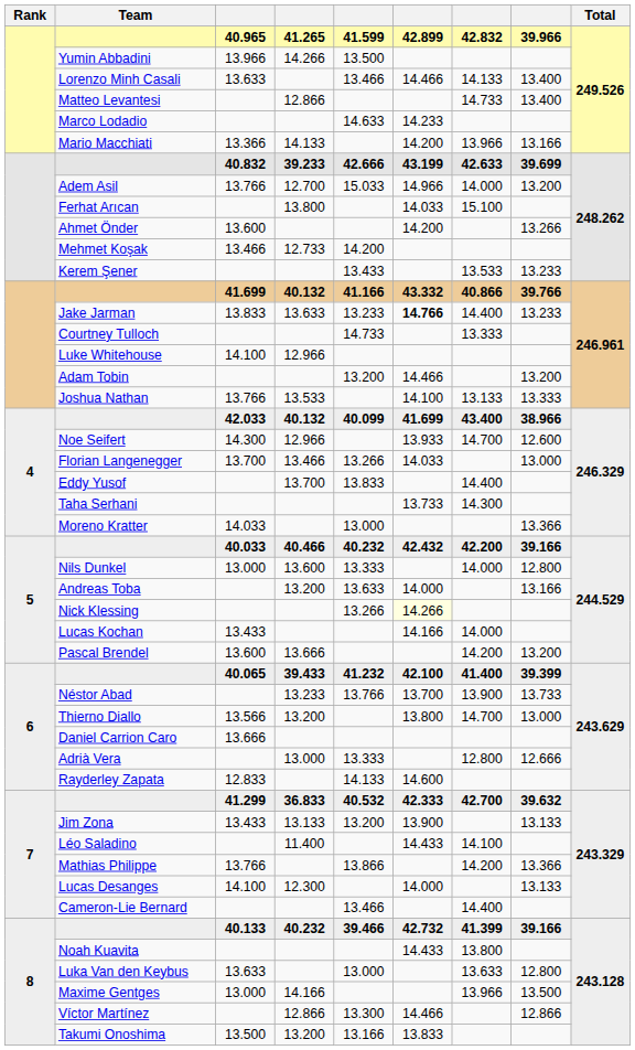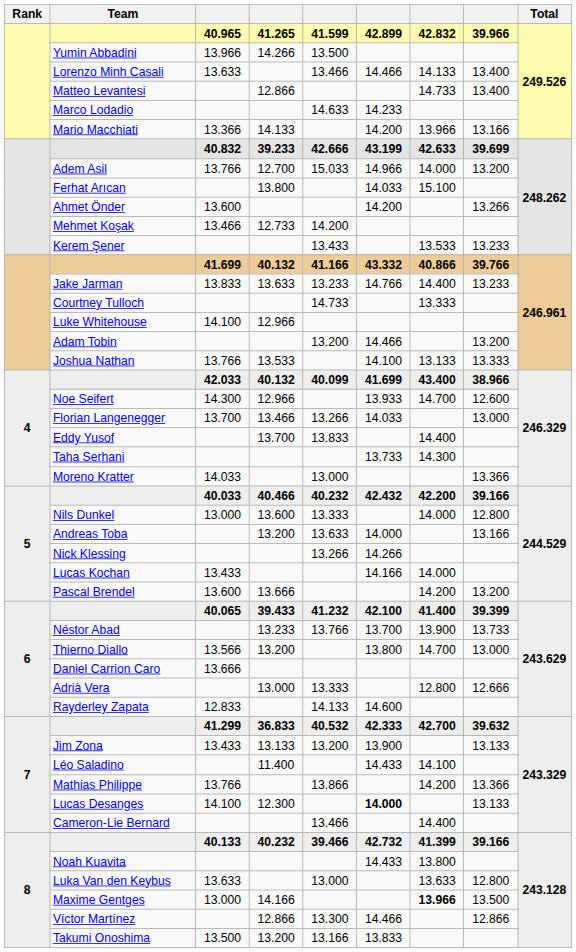 <table class="wikitable sortable" style="text-align:center; font-size:95%">
 <tr>
 <th scope="col" style="width:50px;">Rank</th>
 <th scope="col" style="width:175px;">Team</th>
 <th scope="col" style="width:60px;"></th>
 <th scope="col" style="width:60px;"></th>
 <th scope="col" style="width:60px;"></th>
 <th scope="col" style="width:60px;"></th>
 <th scope="col" style="width:60px;"></th>
 <th scope="col" style="width:60px;"></th>
 <th scope="col" style="width:60px;">Total</th>
 </tr>
 <tr style="background:#fffcaf;">
 <td rowspan="6"><strong></strong></td>
 <td style="text-align:left;"><strong></strong></td>
 <td><strong>40.965</strong></td>
 <td><strong>41.265</strong></td>
 <td><strong>41.599</strong></td>
 <td><strong>42.899</strong></td>
 <td><strong>42.832</strong></td>
 <td><strong>39.966</strong></td>
 <td rowspan="6"><strong>249.526</strong></td>
 </tr>
 <tr>
 <td style="text-align:left;"><a href='#'>Yumin Abbadini</a></td>
 <td>13.966</td>
 <td>14.266</td>
 <td>13.500</td>
 <td></td>
 <td></td>
 <td></td>
 </tr>
 <tr>
 <td style="text-align:left;"><a href='#'>Lorenzo Minh Casali</a></td>
 <td>13.633</td>
 <td></td>
 <td>13.466</td>
 <td>14.466</td>
 <td>14.133</td>
 <td>13.400</td>
 </tr>
 <tr>
 <td style="text-align:left;"><a href='#'>Matteo Levantesi</a></td>
 <td></td>
 <td>12.866</td>
 <td></td>
 <td></td>
 <td>14.733</td>
 <td>13.400</td>
 </tr>
 <tr>
 <td style="text-align:left;"><a href='#'>Marco Lodadio</a></td>
 <td></td>
 <td></td>
 <td>14.633</td>
 <td>14.233</td>
 <td></td>
 <td></td>
 </tr>
 <tr>
 <td style="text-align:left;"><a href='#'>Mario Macchiati</a></td>
 <td>13.366</td>
 <td>14.133</td>
 <td></td>
 <td>14.200</td>
 <td>13.966</td>
 <td>13.166</td>
 </tr>
 <tr style="background:#e5e5e5;">
 <td rowspan="6"><strong></strong></td>
 <td style="text-align:left;"><strong></strong></td>
 <td><strong>40.832</strong></td>
 <td><strong>39.233</strong></td>
 <td><strong>42.666</strong></td>
 <td><strong>43.199</strong></td>
 <td><strong>42.633</strong></td>
 <td><strong>39.699</strong></td>
 <td rowspan="6"><strong>248.262</strong></td>
 </tr>
 <tr>
 <td style="text-align:left;"><a href='#'>Adem Asil</a></td>
 <td>13.766</td>
 <td>12.700</td>
 <td>15.033</td>
 <td>14.966</td>
 <td>14.000</td>
 <td>13.200</td>
 </tr>
 <tr>
 <td style="text-align:left;"><a href='#'>Ferhat Arıcan</a></td>
 <td></td>
 <td>13.800</td>
 <td></td>
 <td>14.033</td>
 <td>15.100</td>
 <td></td>
 </tr>
 <tr>
 <td style="text-align:left;"><a href='#'>Ahmet Önder</a></td>
 <td>13.600</td>
 <td></td>
 <td></td>
 <td>14.200</td>
 <td></td>
 <td>13.266</td>
 </tr>
 <tr>
 <td style="text-align:left;"><a href='#'>Mehmet Koşak</a></td>
 <td>13.466</td>
 <td>12.733</td>
 <td>14.200</td>
 <td></td>
 <td></td>
 <td></td>
 </tr>
 <tr>
 <td style="text-align:left;"><a href='#'>Kerem Şener</a></td>
 <td></td>
 <td></td>
 <td>13.433</td>
 <td></td>
 <td>13.533</td>
 <td>13.233</td>
 </tr>
 <tr style="background:#ec9;">
 <td rowspan="6"><strong></strong></td>
 <td style="text-align:left;"><strong></strong></td>
 <td><strong>41.699</strong></td>
 <td><strong>40.132</strong></td>
 <td><strong>41.166</strong></td>
 <td><strong>43.332</strong></td>
 <td><strong>40.866</strong></td>
 <td><strong>39.766</strong></td>
 <td rowspan="6"><strong>246.961</strong></td>
 </tr>
 <tr>
 <td style="text-align:left;"><a href='#'>Jake Jarman</a></td>
 <td>13.833</td>
 <td>13.633</td>
 <td>13.233</td>
-<td><strong>14.766</strong></td>
+<td>14.766</td>
 <td>14.400</td>
 <td>13.233</td>
 </tr>
 <tr>
 <td style="text-align:left;"><a href='#'>Courtney Tulloch</a></td>
 <td></td>
 <td></td>
 <td>14.733</td>
 <td></td>
 <td>13.333</td>
 <td></td>
 </tr>
 <tr>
 <td style="text-align:left;"><a href='#'>Luke Whitehouse</a></td>
 <td>14.100</td>
 <td>12.966</td>
 <td></td>
 <td></td>
 <td></td>
 <td></td>
 </tr>
 <tr>
 <td style="text-align:left;"><a href='#'>Adam Tobin</a></td>
 <td></td>
 <td></td>
 <td>13.200</td>
 <td>14.466</td>
 <td></td>
 <td>13.200</td>
 </tr>
 <tr>
 <td style="text-align:left;"><a href='#'>Joshua Nathan</a></td>
 <td>13.766</td>
 <td>13.533</td>
 <td></td>
 <td>14.100</td>
 <td>13.133</td>
 <td>13.333</td>
 </tr>
 <tr style="background:#eee;">
 <td rowspan="6"><strong>4</strong></td>
 <td style="text-align:left;"><strong></strong></td>
 <td><strong>42.033</strong></td>
 <td><strong>40.132</strong></td>
 <td><strong>40.099</strong></td>
 <td><strong>41.699</strong></td>
 <td><strong>43.400</strong></td>
 <td><strong>38.966</strong></td>
 <td rowspan="6"><strong>246.329</strong></td>
 </tr>
 <tr>
 <td style="text-align:left;"><a href='#'>Noe Seifert</a></td>
 <td>14.300</td>
 <td>12.966</td>
 <td></td>
 <td>13.933</td>
 <td>14.700</td>
 <td>12.600</td>
 </tr>
 <tr>
 <td style="text-align:left;"><a href='#'>Florian Langenegger</a></td>
 <td>13.700</td>
 <td>13.466</td>
 <td>13.266</td>
 <td>14.033</td>
 <td></td>
 <td>13.000</td>
 </tr>
 <tr>
 <td style="text-align:left;"><a href='#'>Eddy Yusof</a></td>
 <td></td>
 <td>13.700</td>
 <td>13.833</td>
 <td></td>
 <td>14.400</td>
 <td></td>
 </tr>
 <tr>
 <td style="text-align:left;"><a href='#'>Taha Serhani</a></td>
 <td></td>
 <td></td>
 <td></td>
 <td>13.733</td>
 <td>14.300</td>
 <td></td>
 </tr>
 <tr>
 <td style="text-align:left;"><a href='#'>Moreno Kratter</a></td>
 <td>14.033</td>
 <td></td>
 <td>13.000</td>
 <td></td>
 <td></td>
 <td>13.366</td>
 </tr>
 <tr style="background:#eee;">
 <td rowspan="6"><strong>5</strong></td>
 <td style="text-align:left;"><strong></strong></td>
 <td><strong>40.033</strong></td>
 <td><strong>40.466</strong></td>
 <td><strong>40.232</strong></td>
 <td><strong>42.432</strong></td>
 <td><strong>42.200</strong></td>
 <td><strong>39.166</strong></td>
 <td rowspan="6"><strong>244.529</strong></td>
 </tr>
 <tr>
 <td style="text-align:left;"><a href='#'>Nils Dunkel</a></td>
 <td>13.000</td>
 <td>13.600</td>
 <td>13.333</td>
 <td></td>
 <td>14.000</td>
 <td>12.800</td>
 </tr>
 <tr>
 <td style="text-align:left;"><a href='#'>Andreas Toba</a></td>
 <td></td>
 <td>13.200</td>
 <td>13.633</td>
 <td>14.000</td>
 <td></td>
 <td>13.166</td>
 </tr>
 <tr>
 <td style="text-align:left;"><a href='#'>Nick Klessing</a></td>
 <td></td>
 <td></td>
 <td>13.266</td>
-<td style="background: lightyellow;">14.266</td>
+<td>14.266</td>
 <td></td>
 <td></td>
 </tr>
 <tr>
 <td style="text-align:left;"><a href='#'>Lucas Kochan</a></td>
 <td>13.433</td>
 <td></td>
 <td></td>
 <td>14.166</td>
 <td>14.000</td>
 <td></td>
 </tr>
 <tr>
 <td style="text-align:left;"><a href='#'>Pascal Brendel</a></td>
 <td>13.600</td>
 <td>13.666</td>
 <td></td>
 <td></td>
 <td>14.200</td>
 <td>13.200</td>
 </tr>
 <tr style="background:#eee;">
 <td rowspan="6"><strong>6</strong></td>
 <td style="text-align:left;"><strong></strong></td>
 <td><strong>40.065</strong></td>
 <td><strong>39.433</strong></td>
 <td><strong>41.232</strong></td>
 <td><strong>42.100</strong></td>
 <td><strong>41.400</strong></td>
 <td><strong>39.399</strong></td>
 <td rowspan="6"><strong>243.629</strong></td>
 </tr>
 <tr>
 <td style="text-align:left;"><a href='#'>Néstor Abad</a></td>
 <td></td>
 <td>13.233</td>
 <td>13.766</td>
 <td>13.700</td>
 <td>13.900</td>
 <td>13.733</td>
 </tr>
 <tr>
 <td style="text-align:left;"><a href='#'>Thierno Diallo</a></td>
 <td>13.566</td>
 <td>13.200</td>
 <td></td>
 <td>13.800</td>
 <td>14.700</td>
 <td>13.000</td>
 </tr>
 <tr>
 <td style="text-align:left;"><a href='#'>Daniel Carrion Caro</a></td>
 <td>13.666</td>
 <td></td>
 <td></td>
 <td></td>
 <td></td>
 <td></td>
 </tr>
 <tr>
 <td style="text-align:left;"><a href='#'>Adrià Vera</a></td>
 <td></td>
 <td>13.000</td>
 <td>13.333</td>
 <td></td>
 <td>12.800</td>
 <td>12.666</td>
 </tr>
 <tr>
 <td style="text-align:left;"><a href='#'>Rayderley Zapata</a></td>
 <td>12.833</td>
 <td></td>
 <td>14.133</td>
 <td>14.600</td>
 <td></td>
 <td></td>
 </tr>
 <tr style="background:#eee;">
 <td rowspan="6"><strong>7</strong></td>
 <td style="text-align:left;"><strong></strong></td>
 <td><strong>41.299</strong></td>
 <td><strong>36.833</strong></td>
 <td><strong>40.532</strong></td>
 <td><strong>42.333</strong></td>
 <td><strong>42.700</strong></td>
 <td><strong>39.632</strong></td>
 <td rowspan="6"><strong>243.329</strong></td>
 </tr>
 <tr>
 <td style="text-align:left;"><a href='#'>Jim Zona</a></td>
 <td>13.433</td>
 <td>13.133</td>
 <td>13.200</td>
 <td>13.900</td>
 <td></td>
 <td>13.133</td>
 </tr>
 <tr>
 <td style="text-align:left;"><a href='#'>Léo Saladino</a></td>
 <td></td>
 <td>11.400</td>
 <td></td>
 <td>14.433</td>
 <td>14.100</td>
 <td></td>
 </tr>
 <tr>
 <td style="text-align:left;"><a href='#'>Mathias Philippe</a></td>
 <td>13.766</td>
 <td></td>
 <td>13.866</td>
 <td></td>
 <td>14.200</td>
 <td>13.366</td>
 </tr>
 <tr>
 <td style="text-align:left;"><a href='#'>Lucas Desanges</a></td>
 <td>14.100</td>
 <td>12.300</td>
 <td></td>
-<td>14.000</td>
+<td><strong>14.000</strong></td>
 <td></td>
 <td>13.133</td>
 </tr>
 <tr>
 <td style="text-align:left;"><a href='#'>Cameron-Lie Bernard</a></td>
 <td></td>
 <td></td>
 <td>13.466</td>
 <td></td>
 <td>14.400</td>
 <td></td>
 </tr>
 <tr style="background:#eee;">
 <td rowspan="6"><strong>8</strong></td>
 <td style="text-align:left;"><strong></strong></td>
 <td><strong>40.133</strong></td>
 <td><strong>40.232</strong></td>
 <td><strong>39.466</strong></td>
 <td><strong>42.732</strong></td>
 <td><strong>41.399</strong></td>
 <td><strong>39.166</strong></td>
 <td rowspan="6"><strong>243.128</strong></td>
 </tr>
 <tr>
 <td style="text-align:left;"><a href='#'>Noah Kuavita</a></td>
 <td></td>
 <td></td>
 <td></td>
 <td>14.433</td>
 <td>13.800</td>
 <td></td>
 </tr>
 <tr>
 <td style="text-align:left;"><a href='#'>Luka Van den Keybus</a></td>
 <td>13.633</td>
 <td></td>
 <td>13.000</td>
 <td></td>
 <td>13.633</td>
 <td>12.800</td>
 </tr>
 <tr>
 <td style="text-align:left;"><a href='#'>Maxime Gentges</a></td>
 <td>13.000</td>
 <td>14.166</td>
 <td></td>
 <td></td>
-<td>13.966</td>
+<td><strong>13.966</strong></td>
 <td>13.500</td>
 </tr>
 <tr>
 <td style="text-align:left;"><a href='#'>Víctor Martínez</a></td>
 <td></td>
 <td>12.866</td>
 <td>13.300</td>
 <td>14.466</td>
 <td></td>
 <td>12.866</td>
 </tr>
 <tr>
 <td style="text-align:left;"><a href='#'>Takumi Onoshima</a></td>
 <td>13.500</td>
 <td>13.200</td>
 <td>13.166</td>
 <td>13.833</td>
 <td></td>
 <td></td>
 </tr>
 </table>
